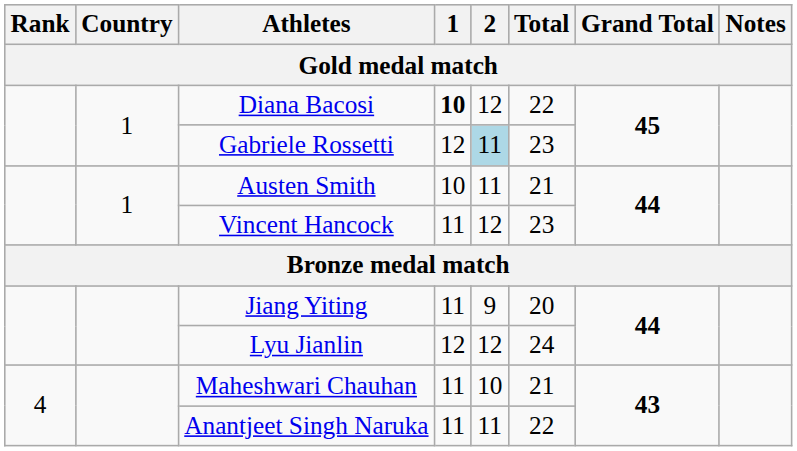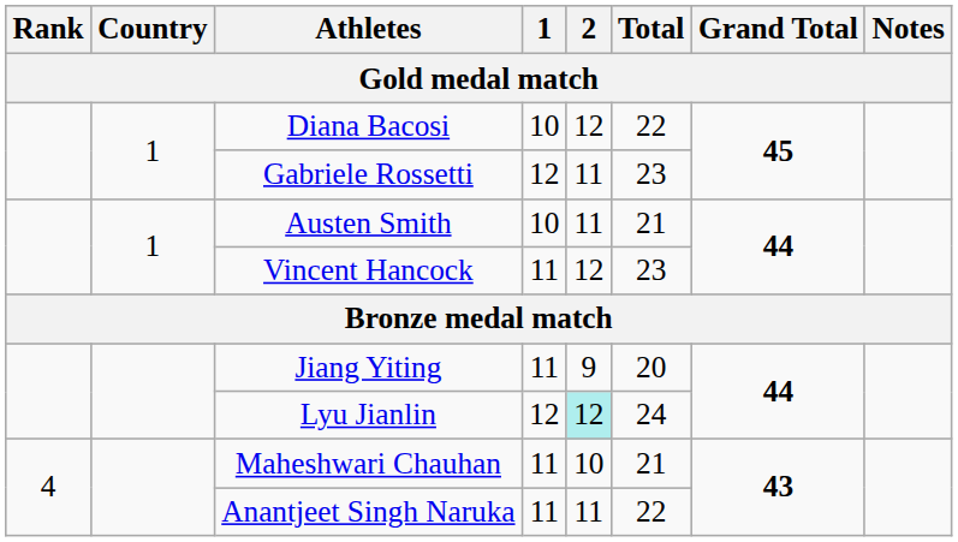 <table class="wikitable sortable" style="text-align:center">
 <tr>
 <th>Rank</th>
 <th>Country</th>
 <th>Athletes</th>
 <th>1</th>
 <th>2</th>
 <th>Total</th>
 <th>Grand Total</th>
 <th class="unsortable">Notes</th>
 </tr>
 <tr>
 <th colspan=9>Gold medal match</th>
 </tr>
 <tr>
 <td rowspan=2></td>
 <td rowspan=2> 1</td>
 <td><a href='#'>Diana Bacosi</a></td>
-<td><strong>10</strong></td>
+<td>10</td>
 <td>12</td>
 <td>22</td>
 <td rowspan=2><strong>45</strong></td>
 <td rowspan=2></td>
 </tr>
 <tr>
 <td><a href='#'>Gabriele Rossetti</a></td>
 <td>12</td>
-<td style="background: lightblue;">11</td>
+<td>11</td>
 <td>23</td>
 </tr>
 <tr>
 <td rowspan=2></td>
 <td rowspan=2> 1</td>
 <td><a href='#'>Austen Smith</a></td>
 <td>10</td>
 <td>11</td>
 <td>21</td>
 <td rowspan=2><strong>44</strong></td>
 <td rowspan=2></td>
 </tr>
 <tr>
 <td><a href='#'>Vincent Hancock</a></td>
 <td>11</td>
 <td>12</td>
 <td>23</td>
 </tr>
 <tr>
 <th colspan=9>Bronze medal match</th>
 </tr>
 <tr>
 <td rowspan=2></td>
 <td rowspan=2></td>
 <td><a href='#'>Jiang Yiting</a></td>
 <td>11</td>
 <td>9</td>
 <td>20</td>
 <td rowspan=2><strong>44</strong></td>
 <td rowspan=2></td>
 </tr>
 <tr>
 <td><a href='#'>Lyu Jianlin</a></td>
 <td>12</td>
-<td>12</td>
+<td style="background: paleturquoise;">12</td>
 <td>24</td>
 </tr>
 <tr>
 <td rowspan=2>4</td>
 <td rowspan=2></td>
 <td><a href='#'>Maheshwari Chauhan</a></td>
 <td>11</td>
 <td>10</td>
 <td>21</td>
 <td rowspan=2><strong>43</strong></td>
 <td rowspan=2></td>
 </tr>
 <tr>
 <td><a href='#'>Anantjeet Singh Naruka</a></td>
 <td>11</td>
 <td>11</td>
 <td>22</td>
 </tr>
 </table>
